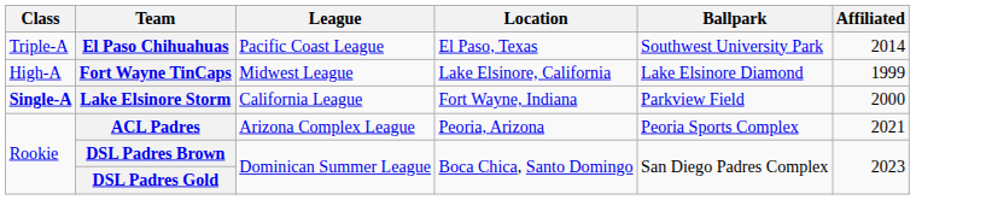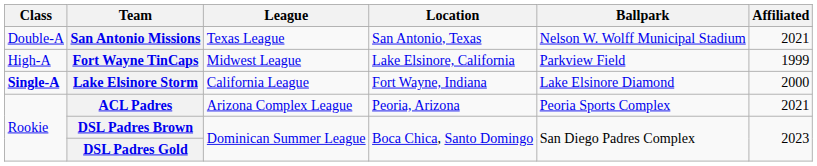 <table class="wikitable plainrowheaders sortable">
 <tr>
 <th scope="col">Class</th>
 <th scope="col">Team</th>
 <th scope="col">League</th>
 <th scope="col">Location</th>
 <th scope="col">Ballpark</th>
 <th scope="col">Affiliated</th>
 </tr>
 <tr>
-<td><a href='#'>Triple-A</a></td>
-<th scope="row"><a href='#'>El Paso Chihuahuas</a></th>
-<td><a href='#'>Pacific Coast League</a></td>
-<td><a href='#'>El Paso, Texas</a></td>
-<td><a href='#'>Southwest University Park</a></td>
-<td align="right">2014</td>
+<td><a href='#'>Double-A</a></td>
+<th scope="row"><a href='#'>San Antonio Missions</a></th>
+<td><a href='#'>Texas League</a></td>
+<td><a href='#'>San Antonio, Texas</a></td>
+<td><a href='#'>Nelson W. Wolff Municipal Stadium</a></td>
+<td align="right">2021</td>
 </tr>
 <tr>
 <td><a href='#'>High-A</a></td>
 <th scope="row"><a href='#'>Fort Wayne TinCaps</a></th>
 <td><a href='#'>Midwest League</a></td>
 <td><a href='#'>Lake Elsinore, California</a></td>
-<td><a href='#'>Lake Elsinore Diamond</a></td>
+<td><a href='#'>Parkview Field</a></td>
 <td align="right">1999</td>
 </tr>
 <tr>
 <td><strong><a href='#'>Single-A</a></strong></td>
 <th scope="row"><a href='#'>Lake Elsinore Storm</a></th>
 <td><a href='#'>California League</a></td>
 <td><a href='#'>Fort Wayne, Indiana</a></td>
-<td><a href='#'>Parkview Field</a></td>
+<td><a href='#'>Lake Elsinore Diamond</a></td>
 <td align="right">2000</td>
 </tr>
 <tr>
 <td rowspan=3><a href='#'>Rookie</a></td>
 <th scope="row"><a href='#'>ACL Padres</a></th>
 <td><a href='#'>Arizona Complex League</a></td>
 <td><a href='#'>Peoria, Arizona</a></td>
 <td><a href='#'>Peoria Sports Complex</a></td>
 <td align="right">2021</td>
 </tr>
 <tr>
 <th scope="row"><a href='#'>DSL Padres Brown</a></th>
 <td rowspan=2><a href='#'>Dominican Summer League</a></td>
 <td rowspan=2><a href='#'>Boca Chica</a>, <a href='#'>Santo Domingo</a></td>
 <td rowspan=2>San Diego Padres Complex</td>
 <td rowspan=2 align="right">2023</td>
 </tr>
 <tr>
 <th scope="row"><a href='#'>DSL Padres Gold</a></th>
 </tr>
 </table>
